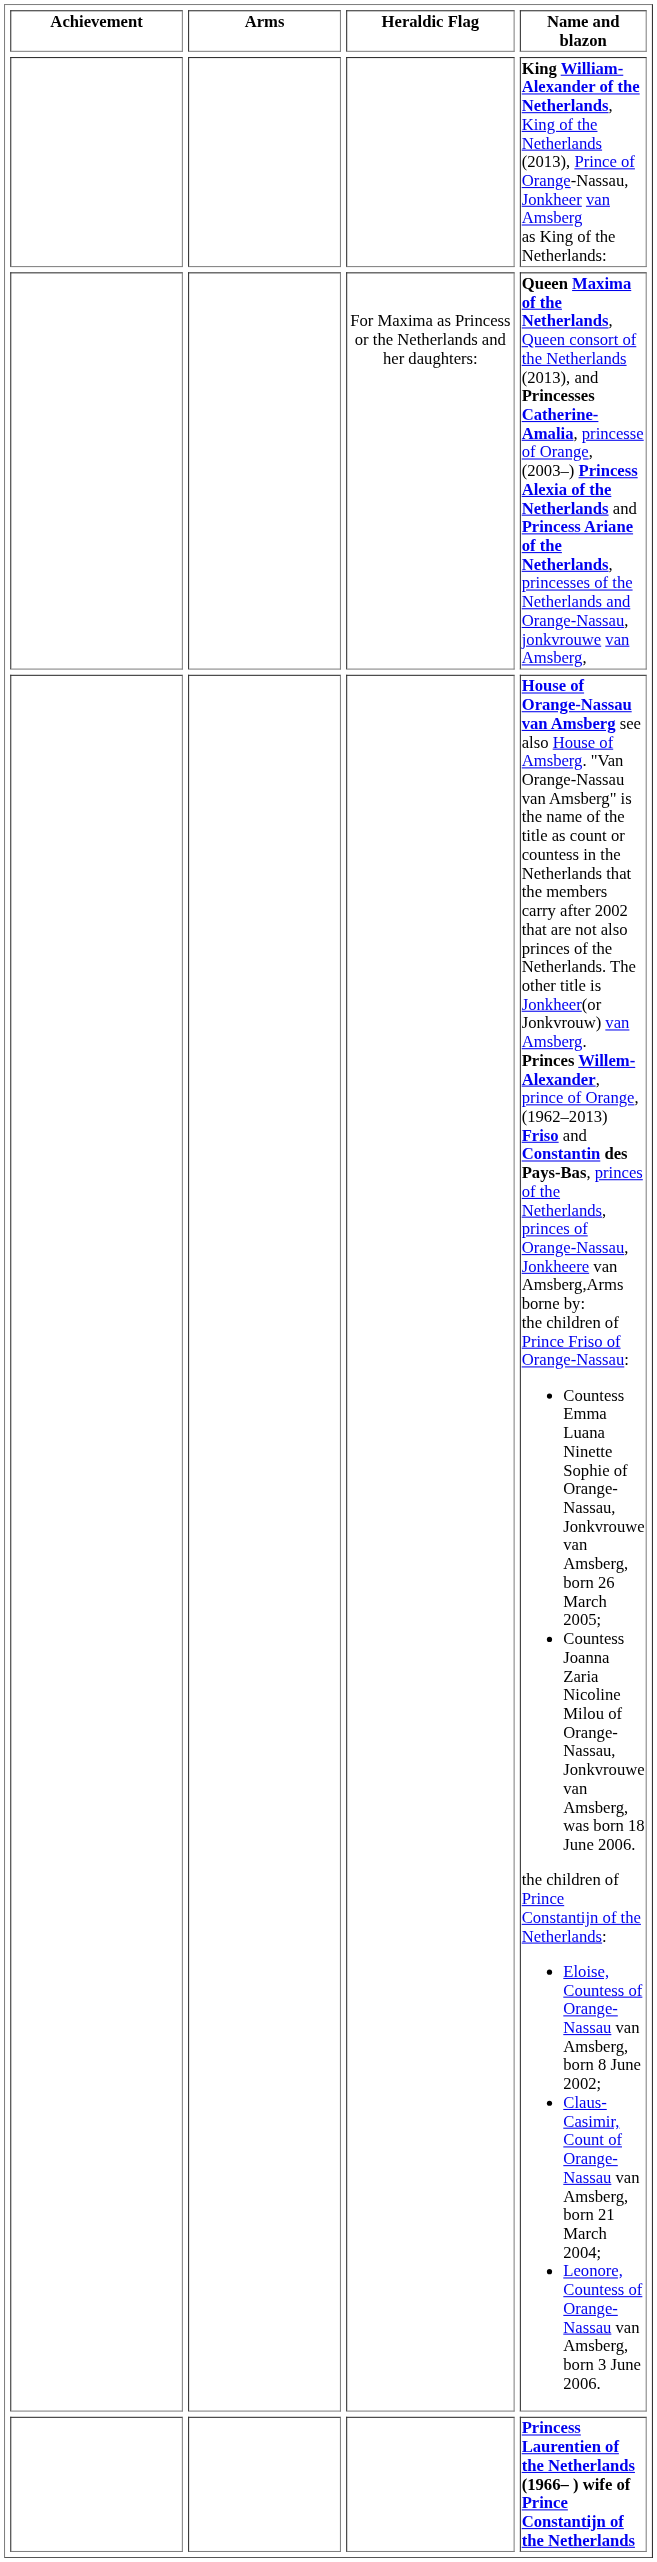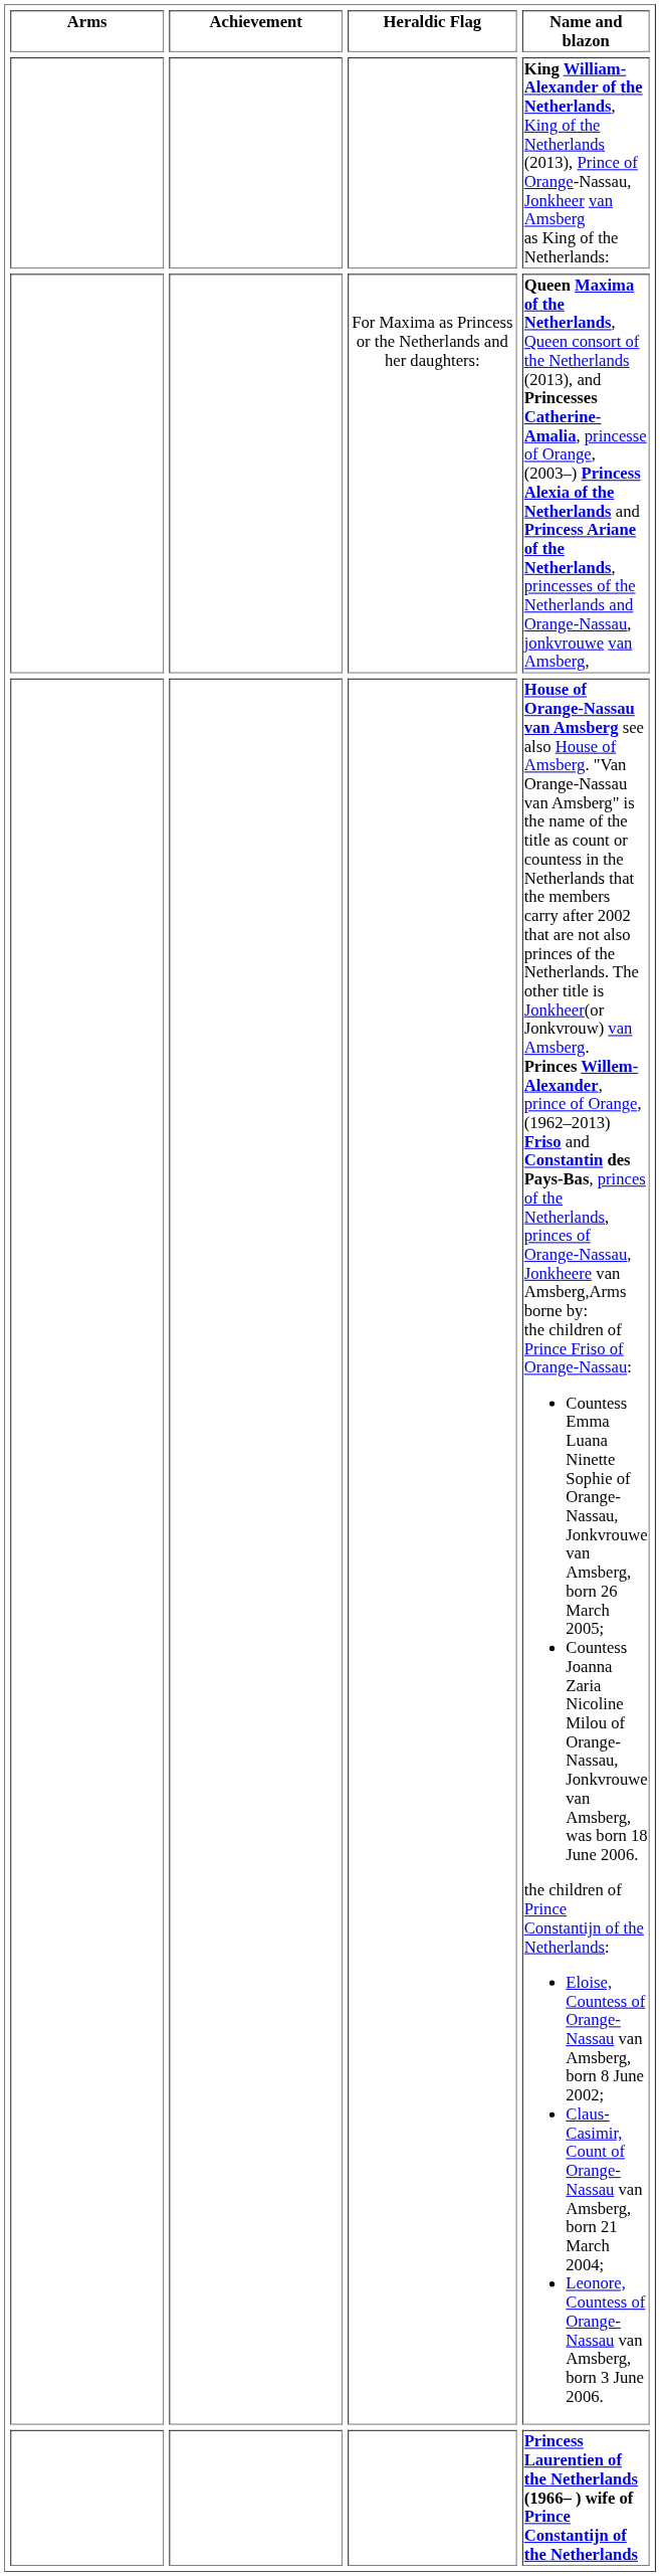 <table border=1 cellspacing=5 width="100%">
 <tr valign=top align=center>
+<td width="206"><strong>Arms</strong></td>
 <td width="206"><strong>Achievement</strong></td>
-<td width="206"><strong>Arms</strong></td>
 <td width="206"><strong>Heraldic Flag</strong></td>
 <td><strong>Name and blazon</strong></td>
 </tr>
 <tr valign=top>
+<td align=center><br><br> <br><br> </td>
 <td align=center><br><br></td>
-<td align=center><br><br> <br><br> </td>
 <td align=center><br><br></td>
 <td><strong>King <a href='#'>William-Alexander of the Netherlands</a></strong>, <a href='#'>King of the Netherlands</a> (2013), <a href='#'>Prince of Orange</a>-Nassau, <a href='#'>Jonkheer</a> <a href='#'>van Amsberg</a><br>as King of the Netherlands:</td>
 </tr>
 <tr valign=top>
+<td align=center><br><br><br><br> <br><br> <br></td>
 <td align=center><br><br><br></td>
-<td align=center><br><br><br><br> <br><br> <br></td>
 <td align=center><br> <br>For Maxima as Princess or the Netherlands and her daughters: <br> <br> </td>
 <td><strong>Queen <a href='#'>Maxima of the Netherlands</a></strong>, <a href='#'>Queen consort of the Netherlands</a> (2013), and<br><strong>Princesses <a href='#'>Catherine-Amalia</a></strong>, <a href='#'>princesse of Orange</a>, (2003–) <strong><a href='#'>Princess Alexia of the Netherlands</a></strong> and <strong><a href='#'>Princess Ariane of the Netherlands</a></strong>, <a href='#'>princesses of the Netherlands and Orange-Nassau</a>, <a href='#'>jonkvrouwe</a> <a href='#'>van Amsberg</a>,</td>
 </tr>
 <tr valign=top>
+<td align=center><br><br><br><br></td>
 <td align=center><br><br></td>
-<td align=center><br><br><br><br></td>
 <td align=center><br><br><br><br></td>
 <td><strong><a href='#'>House of Orange-Nassau van Amsberg</a></strong> see also <a href='#'>House of Amsberg</a>.  "Van Orange-Nassau van Amsberg" is the name of the title as count or countess in the Netherlands that the members carry after 2002 that are not also princes of the Netherlands.  The other title is <a href='#'>Jonkheer</a>(or Jonkvrouw) <a href='#'>van Amsberg</a>.<br><strong>Princes <a href='#'>Willem-Alexander</a></strong>, <a href='#'>prince of Orange</a>, (1962–2013) <strong><a href='#'>Friso</a></strong> and <strong><a href='#'>Constantin</a> des Pays-Bas</strong>, <a href='#'>princes of the Netherlands</a>, <a href='#'>princes of Orange-Nassau</a>, <a href='#'>Jonkheere</a> van Amsberg,Arms borne by:<br>the children of <a href='#'>Prince Friso of Orange-Nassau</a>:<ul><li>Countess Emma Luana Ninette Sophie of Orange-Nassau, Jonkvrouwe van Amsberg, born 26 March 2005;</li><li>Countess Joanna Zaria Nicoline Milou of Orange-Nassau, Jonkvrouwe van Amsberg, was born 18 June 2006.</li></ul>the children of <a href='#'>Prince Constantijn of the Netherlands</a>:<ul><li><a href='#'>Eloise, Countess of Orange-Nassau</a> van Amsberg, born 8 June 2002;</li><li><a href='#'>Claus-Casimir, Count of Orange-Nassau</a> van Amsberg, born 21 March 2004;</li><li><a href='#'>Leonore, Countess of Orange-Nassau</a> van Amsberg, born 3 June 2006.</li></ul></td>
 </tr>
 <tr valign=top>
+<td align=center><br><br></td>
 <td align=center></td>
-<td align=center><br><br></td>
 <td align=center><br><br></td>
 <td><strong><a href='#'>Princess Laurentien of the Netherlands</a> (1966– ) wife of <a href='#'>Prince Constantijn of the Netherlands</a></strong><br></td>
 </tr>
 </table>
